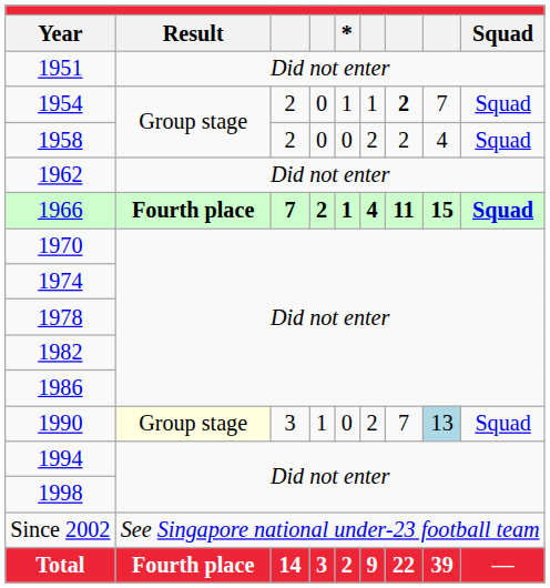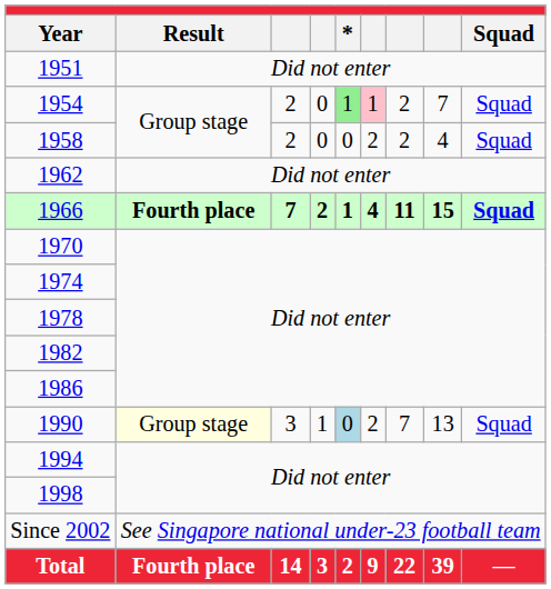 <table class="wikitable" style="text-align:center;">
 <tr>
 <th colspan=10 style="background: #EE2536; color: #FFFFFF;"><a href='#'></a></th>
 </tr>
 <tr>
 <th>Year</th>
 <th>Result</th>
 <th></th>
 <th></th>
 <th>*</th>
 <th></th>
 <th></th>
 <th></th>
 <th>Squad</th>
 </tr>
 <tr>
 <td> <a href='#'>1951</a></td>
 <td colspan=9><em>Did not enter</em></td>
 </tr>
 <tr>
 <td> <a href='#'>1954</a></td>
 <td rowspan=2>Group stage</td>
 <td>2</td>
 <td>0</td>
-<td>1</td>
-<td>1</td>
-<td><strong>2</strong></td>
+<td style="background: lightgreen;">1</td>
+<td style="background: pink;">1</td>
+<td>2</td>
 <td>7</td>
 <td><a href='#'>Squad</a></td>
 </tr>
 <tr>
 <td> <a href='#'>1958</a></td>
 <td>2</td>
 <td>0</td>
 <td>0</td>
 <td>2</td>
 <td>2</td>
 <td>4</td>
 <td><a href='#'>Squad</a></td>
 </tr>
 <tr>
 <td> <a href='#'>1962</a></td>
 <td colspan=9><em>Did not enter</em></td>
 </tr>
 <tr style="background:#cfc;">
 <td> <a href='#'>1966</a></td>
 <td><strong>Fourth place</strong></td>
 <td><strong>7</strong></td>
 <td><strong>2</strong></td>
 <td><strong>1</strong></td>
 <td><strong>4</strong></td>
 <td><strong>11</strong></td>
 <td><strong>15</strong></td>
 <td><strong><a href='#'>Squad</a></strong></td>
 </tr>
 <tr>
 <td> <a href='#'>1970</a></td>
 <td colspan=9 rowspan=5><em>Did not enter</em></td>
 </tr>
 <tr>
 <td> <a href='#'>1974</a></td>
 </tr>
 <tr>
 <td> <a href='#'>1978</a></td>
 </tr>
 <tr>
 <td> <a href='#'>1982</a></td>
 </tr>
 <tr>
 <td> <a href='#'>1986</a></td>
 </tr>
 <tr>
 <td> <a href='#'>1990</a></td>
 <td style="background: lightyellow;">Group stage</td>
 <td>3</td>
 <td>1</td>
-<td>0</td>
+<td style="background: lightblue;">0</td>
 <td>2</td>
 <td>7</td>
-<td style="background: lightblue;">13</td>
+<td>13</td>
 <td><a href='#'>Squad</a></td>
 </tr>
 <tr>
 <td> <a href='#'>1994</a></td>
 <td colspan=9 rowspan=2><em>Did not enter</em></td>
 </tr>
 <tr>
 <td> <a href='#'>1998</a></td>
 </tr>
 <tr>
 <td>Since <a href='#'>2002</a></td>
 <td colspan=9><em>See <a href='#'>Singapore national under-23 football team</a></em></td>
 </tr>
 <tr>
 <td style="background: #EE2536; color: #FFFFFF;"><strong>Total</strong></td>
 <td style="background: #EE2536; color: #FFFFFF;"><strong>Fourth place</strong></td>
 <td style="background: #EE2536; color: #FFFFFF;"><strong>14</strong></td>
 <td style="background: #EE2536; color: #FFFFFF;"><strong>3</strong></td>
 <td style="background: #EE2536; color: #FFFFFF;"><strong>2</strong></td>
 <td style="background: #EE2536; color: #FFFFFF;"><strong>9</strong></td>
 <td style="background: #EE2536; color: #FFFFFF;"><strong>22</strong></td>
 <td style="background: #EE2536; color: #FFFFFF;"><strong>39</strong></td>
 <td style="background: #EE2536; color: #FFFFFF;">—</td>
 </tr>
 </table>
